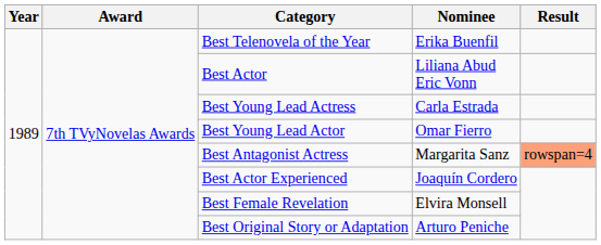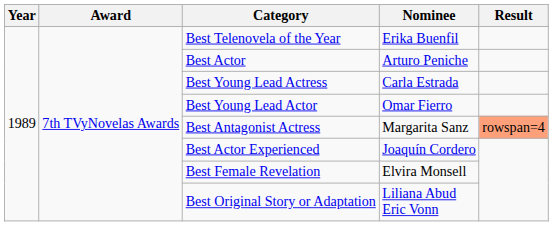 <table class="wikitable">
 <tr style="background:#b0c4de;">
 <th>Year</th>
 <th>Award</th>
 <th>Category</th>
 <th>Nominee</th>
 <th>Result</th>
 </tr>
 <tr>
 <td rowspan=8>1989</td>
 <td rowspan=8><a href='#'>7th TVyNovelas Awards</a></td>
 <td><a href='#'>Best Telenovela of the Year</a></td>
 <td><a href='#'>Erika Buenfil</a></td>
 <td></td>
 </tr>
 <tr>
 <td><a href='#'>Best Actor</a></td>
-<td><a href='#'>Liliana Abud</a><br><a href='#'>Eric Vonn</a></td>
+<td><a href='#'>Arturo Peniche</a></td>
 <td></td>
 </tr>
 <tr>
 <td><a href='#'>Best Young Lead Actress</a></td>
 <td><a href='#'>Carla Estrada</a></td>
 <td></td>
 </tr>
 <tr>
 <td><a href='#'>Best Young Lead Actor</a></td>
 <td><a href='#'>Omar Fierro</a></td>
 <td></td>
 </tr>
 <tr>
 <td><a href='#'>Best Antagonist Actress</a></td>
 <td>Margarita Sanz</td>
 <td style="background: lightsalmon;">rowspan=4 </td>
 </tr>
 <tr>
 <td><a href='#'>Best Actor Experienced</a></td>
 <td><a href='#'>Joaquín Cordero</a></td>
 </tr>
 <tr>
 <td><a href='#'>Best Female Revelation</a></td>
 <td>Elvira Monsell</td>
 </tr>
 <tr>
 <td><a href='#'>Best Original Story or Adaptation</a></td>
-<td><a href='#'>Arturo Peniche</a></td>
+<td><a href='#'>Liliana Abud</a><br><a href='#'>Eric Vonn</a></td>
 </tr>
 </table>
